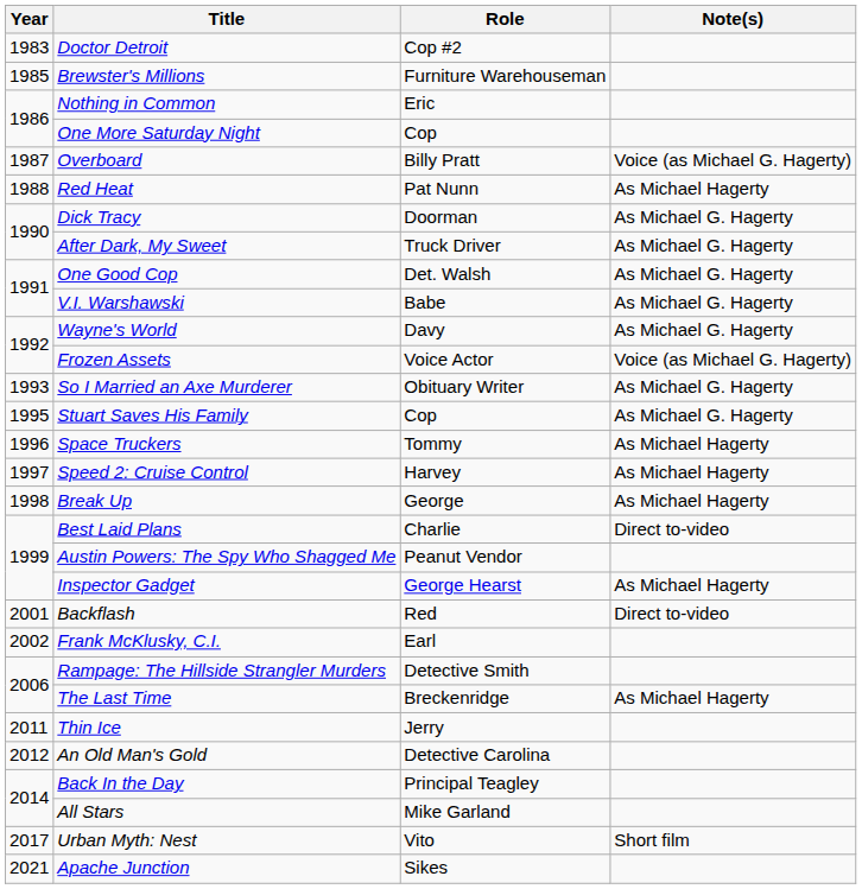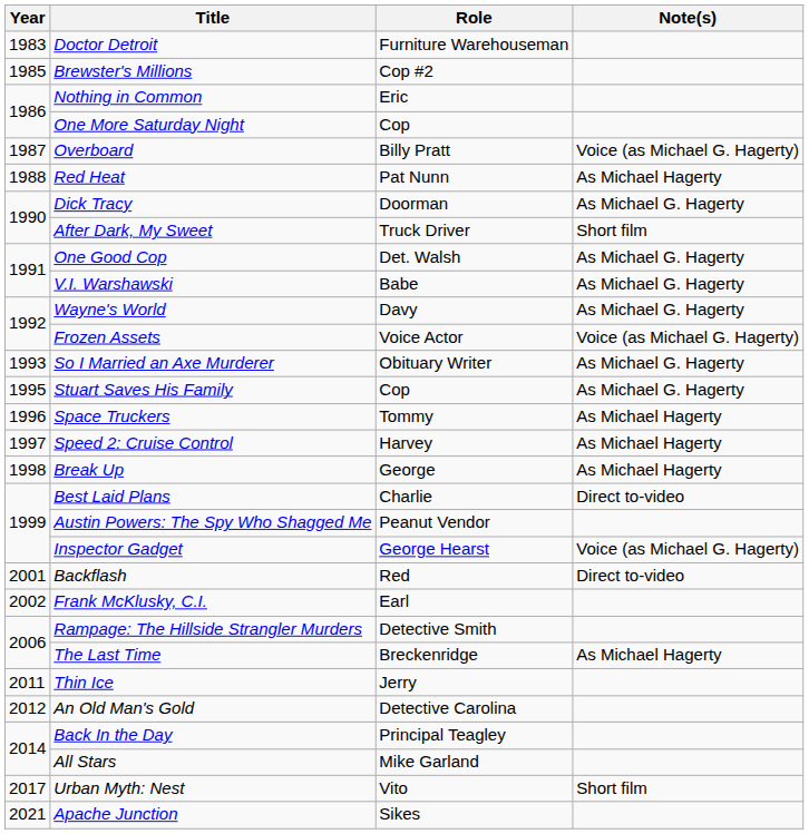 <table class="wikitable sortable">
 <tr>
 <th>Year</th>
 <th>Title</th>
 <th>Role</th>
 <th>Note(s)</th>
 </tr>
 <tr>
 <td>1983</td>
 <td><em><a href='#'>Doctor Detroit</a></em></td>
-<td>Cop #2</td>
+<td>Furniture Warehouseman</td>
 <td></td>
 </tr>
 <tr>
 <td>1985</td>
 <td><em><a href='#'>Brewster's Millions</a></em></td>
-<td>Furniture Warehouseman</td>
+<td>Cop #2</td>
 <td></td>
 </tr>
 <tr>
 <td rowspan="2">1986</td>
 <td><em><a href='#'>Nothing in Common</a></em></td>
 <td>Eric</td>
 <td></td>
 </tr>
 <tr>
 <td><em><a href='#'>One More Saturday Night</a></em></td>
 <td>Cop</td>
 <td></td>
 </tr>
 <tr>
 <td>1987</td>
 <td><em><a href='#'>Overboard</a></em></td>
 <td>Billy Pratt</td>
 <td>Voice (as Michael G. Hagerty)</td>
 </tr>
 <tr>
 <td>1988</td>
 <td><em><a href='#'>Red Heat</a></em></td>
 <td>Pat Nunn</td>
 <td>As Michael Hagerty</td>
 </tr>
 <tr>
 <td rowspan="2">1990</td>
 <td><em><a href='#'>Dick Tracy</a></em></td>
 <td>Doorman</td>
 <td>As Michael G. Hagerty</td>
 </tr>
 <tr>
 <td><em><a href='#'>After Dark, My Sweet</a></em></td>
 <td>Truck Driver</td>
-<td>As Michael G. Hagerty</td>
+<td>Short film<br></td>
 </tr>
 <tr>
 <td rowspan="2">1991</td>
 <td><em><a href='#'>One Good Cop</a></em></td>
 <td>Det. Walsh</td>
 <td>As Michael G. Hagerty</td>
 </tr>
 <tr>
 <td><em><a href='#'>V.I. Warshawski</a></em></td>
 <td>Babe</td>
 <td>As Michael G. Hagerty</td>
 </tr>
 <tr>
 <td rowspan="2">1992</td>
 <td><em><a href='#'>Wayne's World</a></em></td>
 <td>Davy</td>
 <td>As Michael G. Hagerty</td>
 </tr>
 <tr>
 <td><em><a href='#'>Frozen Assets</a></em></td>
 <td>Voice Actor</td>
 <td>Voice (as Michael G. Hagerty)</td>
 </tr>
 <tr>
 <td>1993</td>
 <td><em><a href='#'>So I Married an Axe Murderer</a></em></td>
 <td>Obituary Writer</td>
 <td>As Michael G. Hagerty</td>
 </tr>
 <tr>
 <td>1995</td>
 <td><em><a href='#'>Stuart Saves His Family</a></em></td>
 <td>Cop</td>
 <td>As Michael G. Hagerty</td>
 </tr>
 <tr>
 <td>1996</td>
 <td><em><a href='#'>Space Truckers</a></em></td>
 <td>Tommy</td>
 <td>As Michael Hagerty</td>
 </tr>
 <tr>
 <td>1997</td>
 <td><em><a href='#'>Speed 2: Cruise Control</a></em></td>
 <td>Harvey</td>
 <td>As Michael Hagerty</td>
 </tr>
 <tr>
 <td rowspan="1">1998</td>
 <td><em><a href='#'>Break Up</a></em></td>
 <td>George</td>
 <td>As Michael Hagerty<br></td>
 </tr>
 <tr>
 <td rowspan="3">1999</td>
 <td><em><a href='#'>Best Laid Plans</a></em></td>
 <td>Charlie</td>
 <td>Direct to-video</td>
 </tr>
 <tr>
 <td><em><a href='#'>Austin Powers: The Spy Who Shagged Me</a></em></td>
 <td>Peanut Vendor</td>
 <td></td>
 </tr>
 <tr>
 <td><em><a href='#'>Inspector Gadget</a></em></td>
 <td><a href='#'>George Hearst</a></td>
-<td>As Michael Hagerty</td>
+<td>Voice (as Michael G. Hagerty)</td>
 </tr>
 <tr>
 <td>2001</td>
 <td><em>Backflash</em></td>
 <td>Red</td>
 <td>Direct to-video</td>
 </tr>
 <tr>
 <td>2002</td>
 <td><em><a href='#'>Frank McKlusky, C.I.</a></em></td>
 <td>Earl</td>
 <td></td>
 </tr>
 <tr>
 <td rowspan="2">2006</td>
 <td><em><a href='#'>Rampage: The Hillside Strangler Murders</a></em></td>
 <td>Detective Smith</td>
 <td></td>
 </tr>
 <tr>
 <td><em><a href='#'>The Last Time</a></em></td>
 <td>Breckenridge</td>
 <td>As Michael Hagerty<br> </td>
 </tr>
 <tr>
 <td>2011</td>
 <td><em><a href='#'>Thin Ice</a></em></td>
 <td>Jerry</td>
 <td></td>
 </tr>
 <tr>
 <td>2012</td>
 <td><em>An Old Man's Gold</em></td>
 <td>Detective Carolina</td>
 <td></td>
 </tr>
 <tr>
 <td rowspan="2">2014</td>
 <td><em><a href='#'>Back In the Day</a></em></td>
 <td>Principal Teagley</td>
 <td><br></td>
 </tr>
 <tr>
 <td><em>All Stars</em></td>
 <td>Mike Garland</td>
 <td></td>
 </tr>
 <tr>
 <td>2017</td>
 <td><em>Urban Myth: Nest</em></td>
 <td>Vito</td>
 <td>Short film<br></td>
 </tr>
 <tr>
 <td>2021</td>
 <td><em><a href='#'>Apache Junction</a></em></td>
 <td>Sikes</td>
 <td></td>
 </tr>
 </table>
